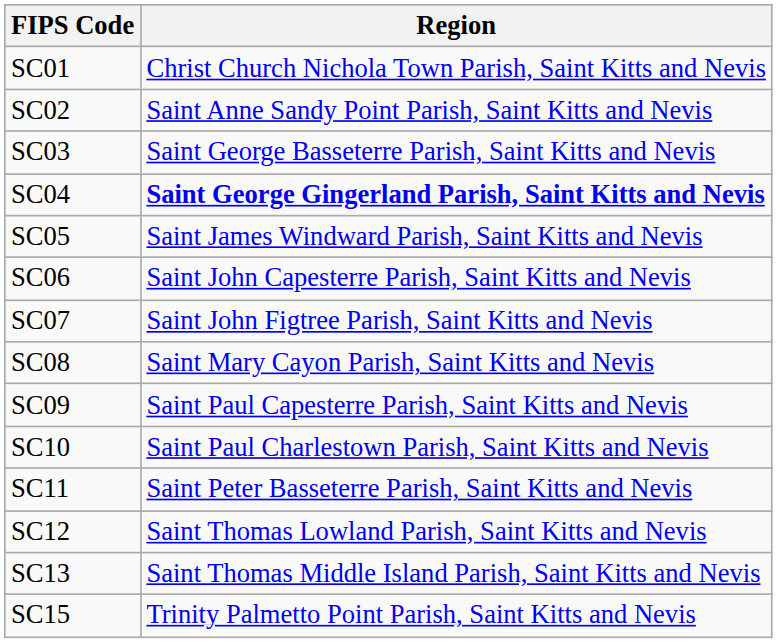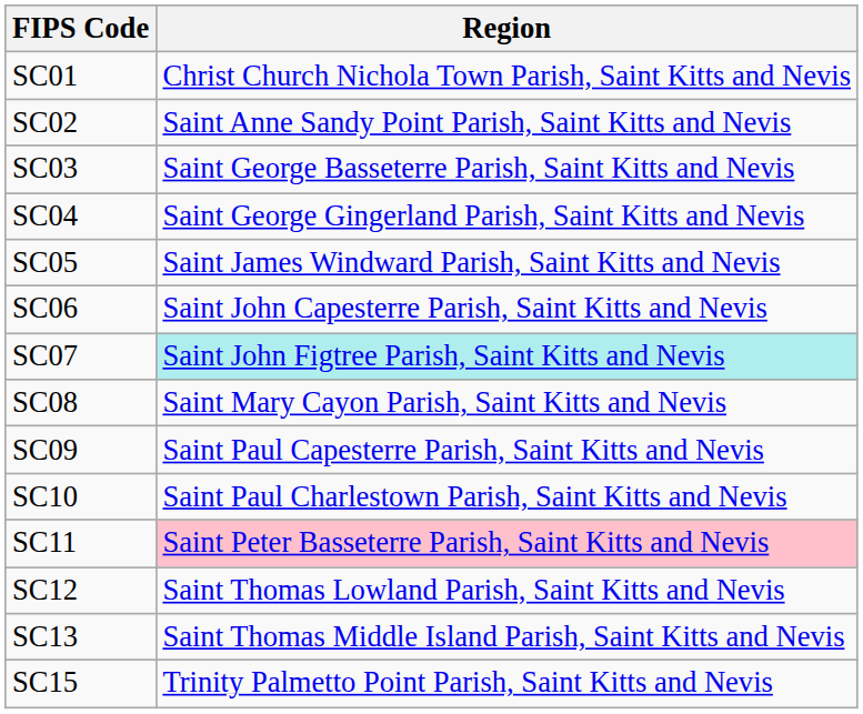 <table class="wikitable">
 <tr>
 <th>FIPS Code</th>
 <th>Region</th>
 </tr>
 <tr>
 <td>SC01</td>
 <td><a href='#'>Christ Church Nichola Town Parish, Saint Kitts and Nevis</a></td>
 </tr>
 <tr>
 <td>SC02</td>
 <td><a href='#'>Saint Anne Sandy Point Parish, Saint Kitts and Nevis</a></td>
 </tr>
 <tr>
 <td>SC03</td>
 <td><a href='#'>Saint George Basseterre Parish, Saint Kitts and Nevis</a></td>
 </tr>
 <tr>
 <td>SC04</td>
-<td><strong><a href='#'>Saint George Gingerland Parish, Saint Kitts and Nevis</a></strong></td>
+<td><a href='#'>Saint George Gingerland Parish, Saint Kitts and Nevis</a></td>
 </tr>
 <tr>
 <td>SC05</td>
 <td><a href='#'>Saint James Windward Parish, Saint Kitts and Nevis</a></td>
 </tr>
 <tr>
 <td>SC06</td>
 <td><a href='#'>Saint John Capesterre Parish, Saint Kitts and Nevis</a></td>
 </tr>
 <tr>
 <td>SC07</td>
-<td><a href='#'>Saint John Figtree Parish, Saint Kitts and Nevis</a></td>
+<td style="background: paleturquoise;"><a href='#'>Saint John Figtree Parish, Saint Kitts and Nevis</a></td>
 </tr>
 <tr>
 <td>SC08</td>
 <td><a href='#'>Saint Mary Cayon Parish, Saint Kitts and Nevis</a></td>
 </tr>
 <tr>
 <td>SC09</td>
 <td><a href='#'>Saint Paul Capesterre Parish, Saint Kitts and Nevis</a></td>
 </tr>
 <tr>
 <td>SC10</td>
 <td><a href='#'>Saint Paul Charlestown Parish, Saint Kitts and Nevis</a></td>
 </tr>
 <tr>
 <td>SC11</td>
-<td><a href='#'>Saint Peter Basseterre Parish, Saint Kitts and Nevis</a></td>
+<td style="background: pink;"><a href='#'>Saint Peter Basseterre Parish, Saint Kitts and Nevis</a></td>
 </tr>
 <tr>
 <td>SC12</td>
 <td><a href='#'>Saint Thomas Lowland Parish, Saint Kitts and Nevis</a></td>
 </tr>
 <tr>
 <td>SC13</td>
 <td><a href='#'>Saint Thomas Middle Island Parish, Saint Kitts and Nevis</a></td>
 </tr>
 <tr>
 <td>SC15</td>
 <td><a href='#'>Trinity Palmetto Point Parish, Saint Kitts and Nevis</a></td>
 </tr>
 </table>
